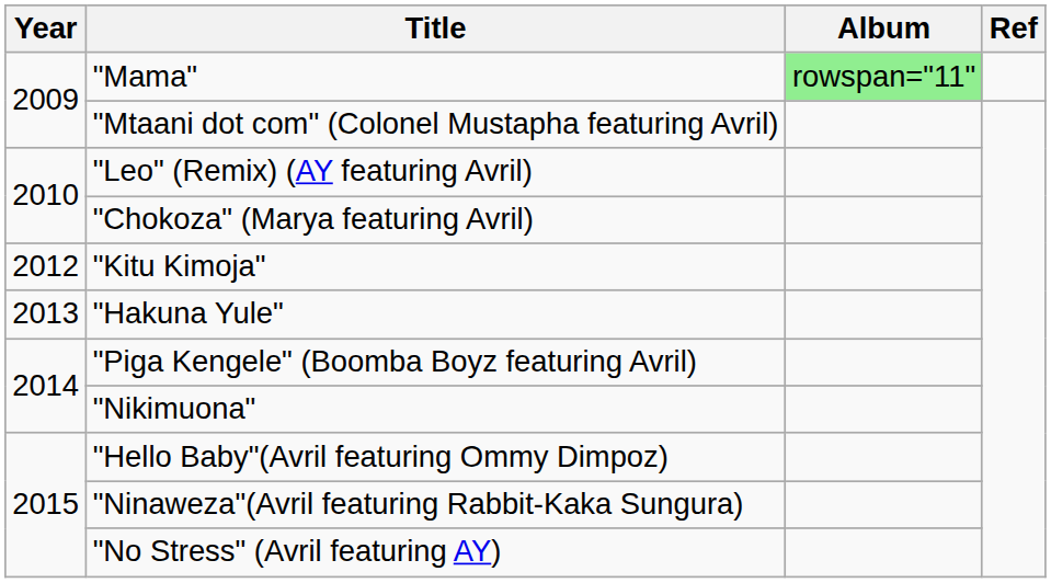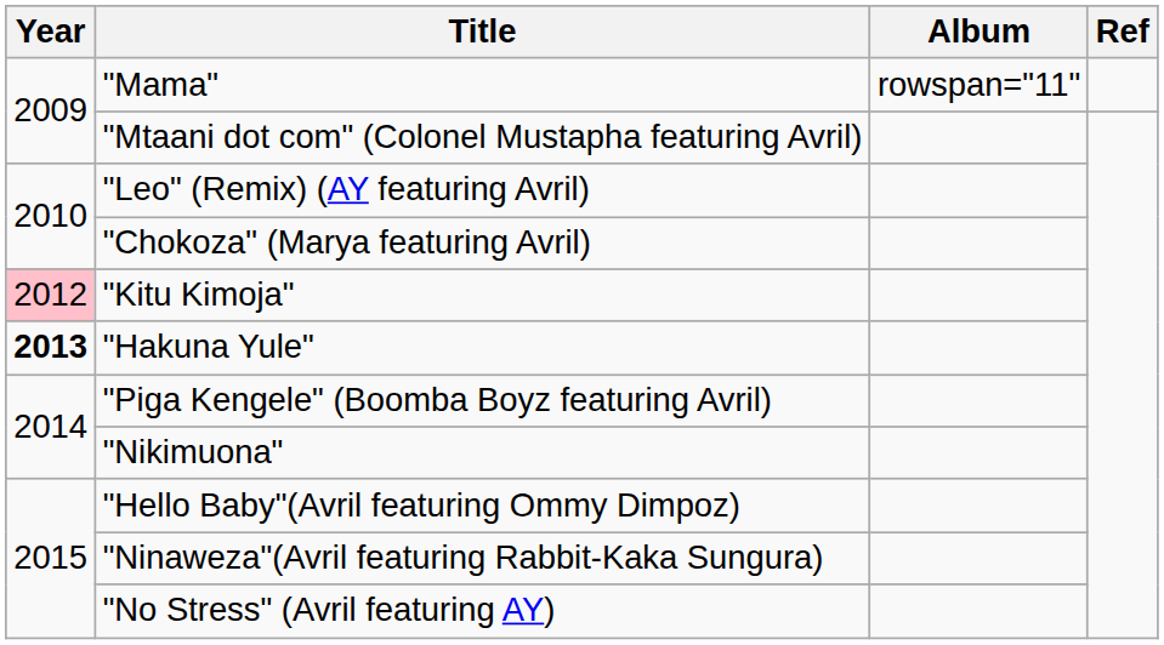 <table class="wikitable sortable">
 <tr>
 <th>Year</th>
 <th>Title</th>
 <th>Album</th>
 <th>Ref</th>
 </tr>
 <tr>
 <td rowspan="2">2009</td>
 <td>"Mama"</td>
-<td style="background: lightgreen;">rowspan="11" </td>
+<td>rowspan="11" </td>
 <td></td>
 </tr>
 <tr>
 <td>"Mtaani dot com" <span>(Colonel Mustapha featuring Avril)</span></td>
 <td></td>
 </tr>
 <tr>
 <td rowspan="2">2010</td>
 <td>"Leo" (Remix) <span>(<a href='#'>AY</a> featuring Avril)</span></td>
 <td></td>
 </tr>
 <tr>
 <td>"Chokoza" <span>(Marya featuring Avril)</span></td>
 <td></td>
 </tr>
 <tr>
-<td>2012</td>
+<td style="background: pink;">2012</td>
 <td>"Kitu Kimoja"</td>
 <td></td>
 </tr>
 <tr>
-<td>2013</td>
+<td><strong>2013</strong></td>
 <td>"Hakuna Yule"</td>
 <td></td>
 </tr>
 <tr>
 <td rowspan="2">2014</td>
 <td>"Piga Kengele"  <span>(Boomba Boyz featuring Avril)</span></td>
 <td></td>
 </tr>
 <tr>
 <td>"Nikimuona"</td>
 <td></td>
 </tr>
 <tr>
 <td rowspan=3>2015</td>
 <td>"Hello Baby"<span>(Avril featuring Ommy Dimpoz)</span></td>
 <td></td>
 </tr>
 <tr>
 <td>"Ninaweza"<span>(Avril featuring Rabbit-Kaka Sungura)</span></td>
 <td></td>
 </tr>
 <tr>
 <td>"No Stress" <span>(Avril featuring <a href='#'>AY</a>)</span></td>
 <td></td>
 </tr>
 </table>
